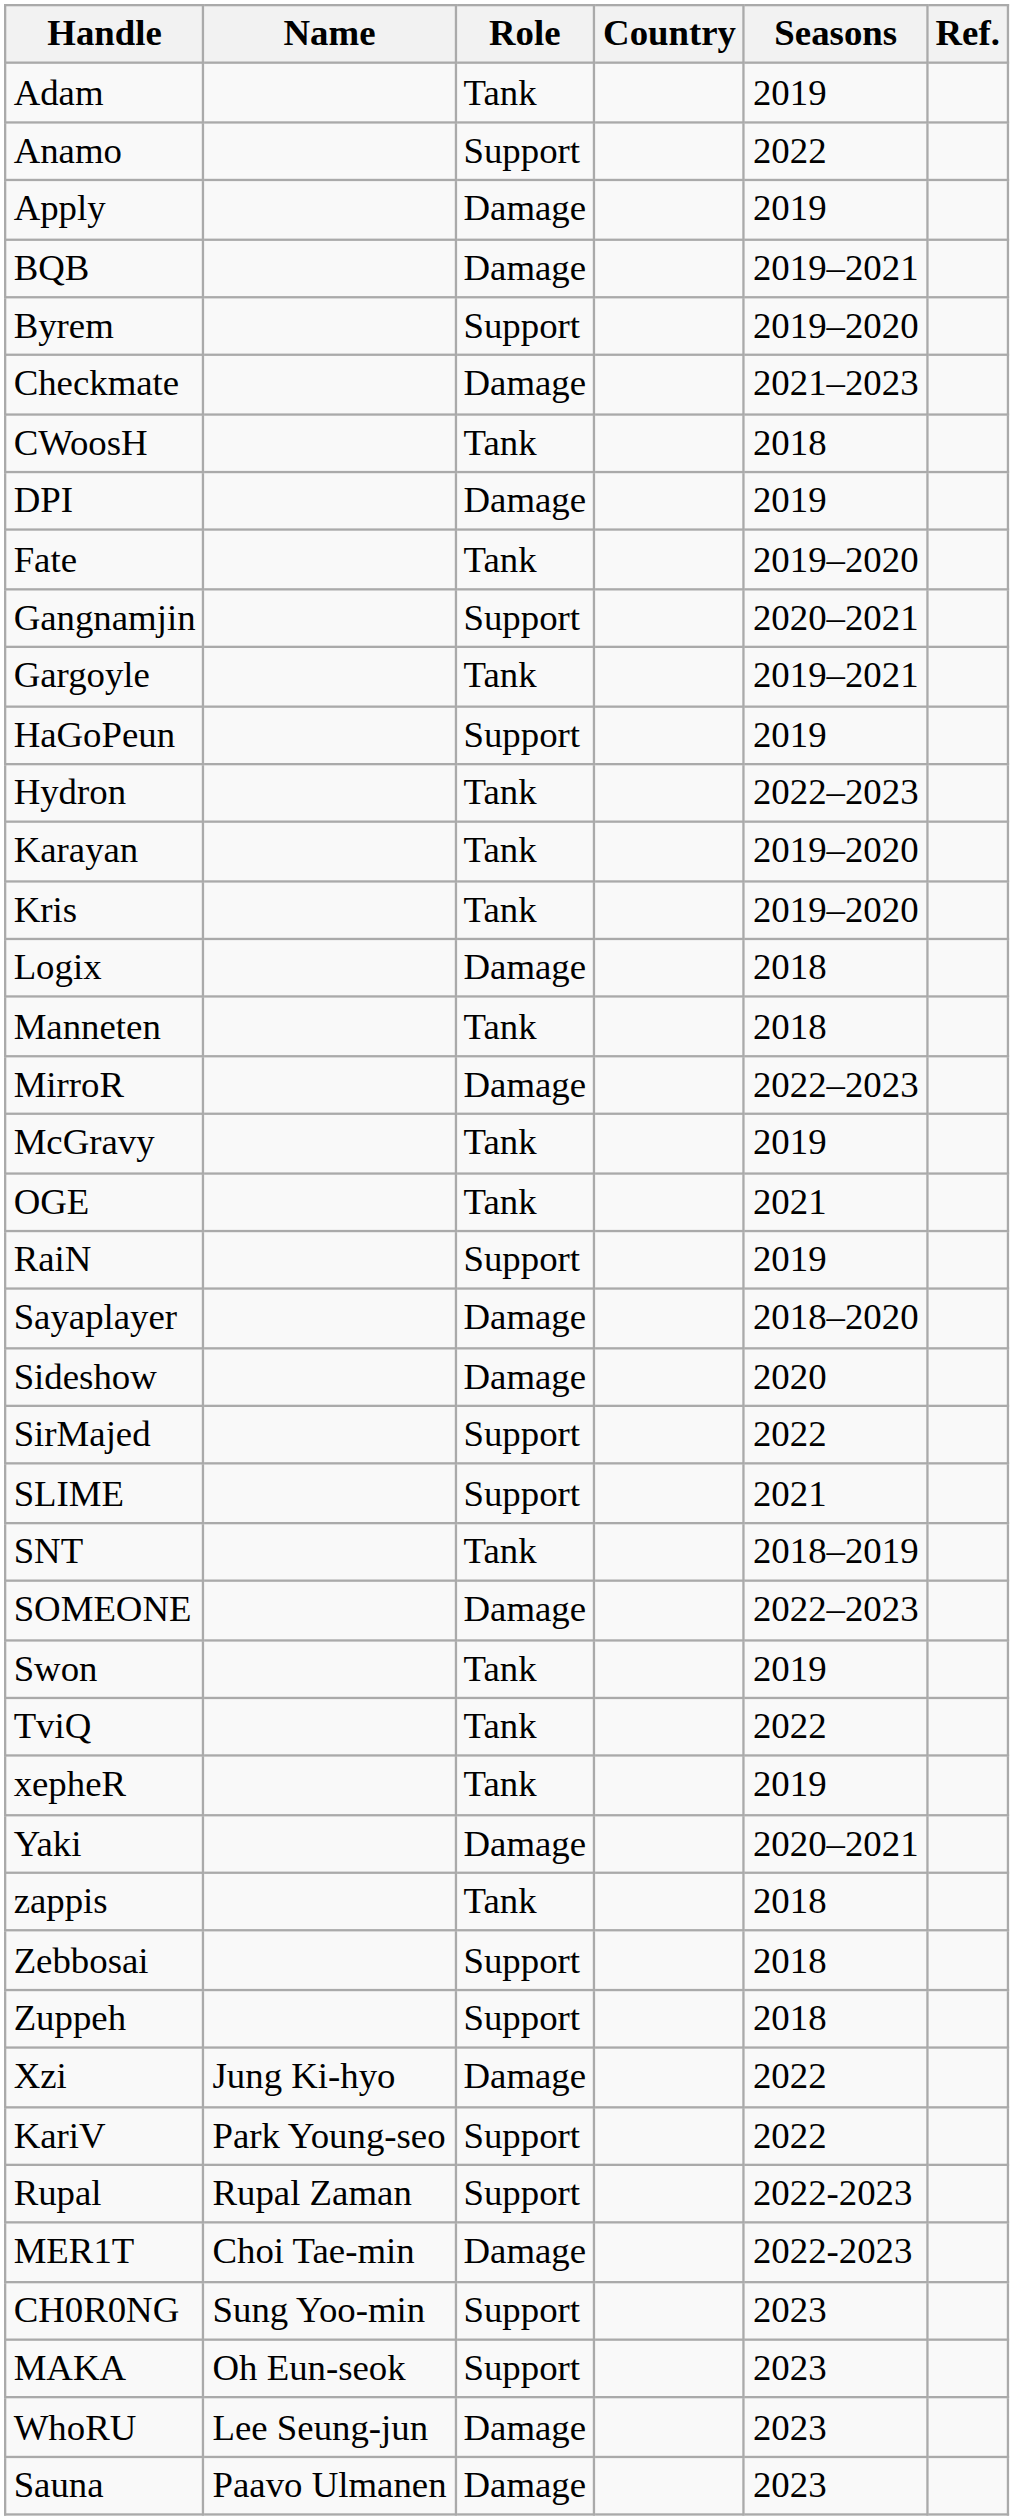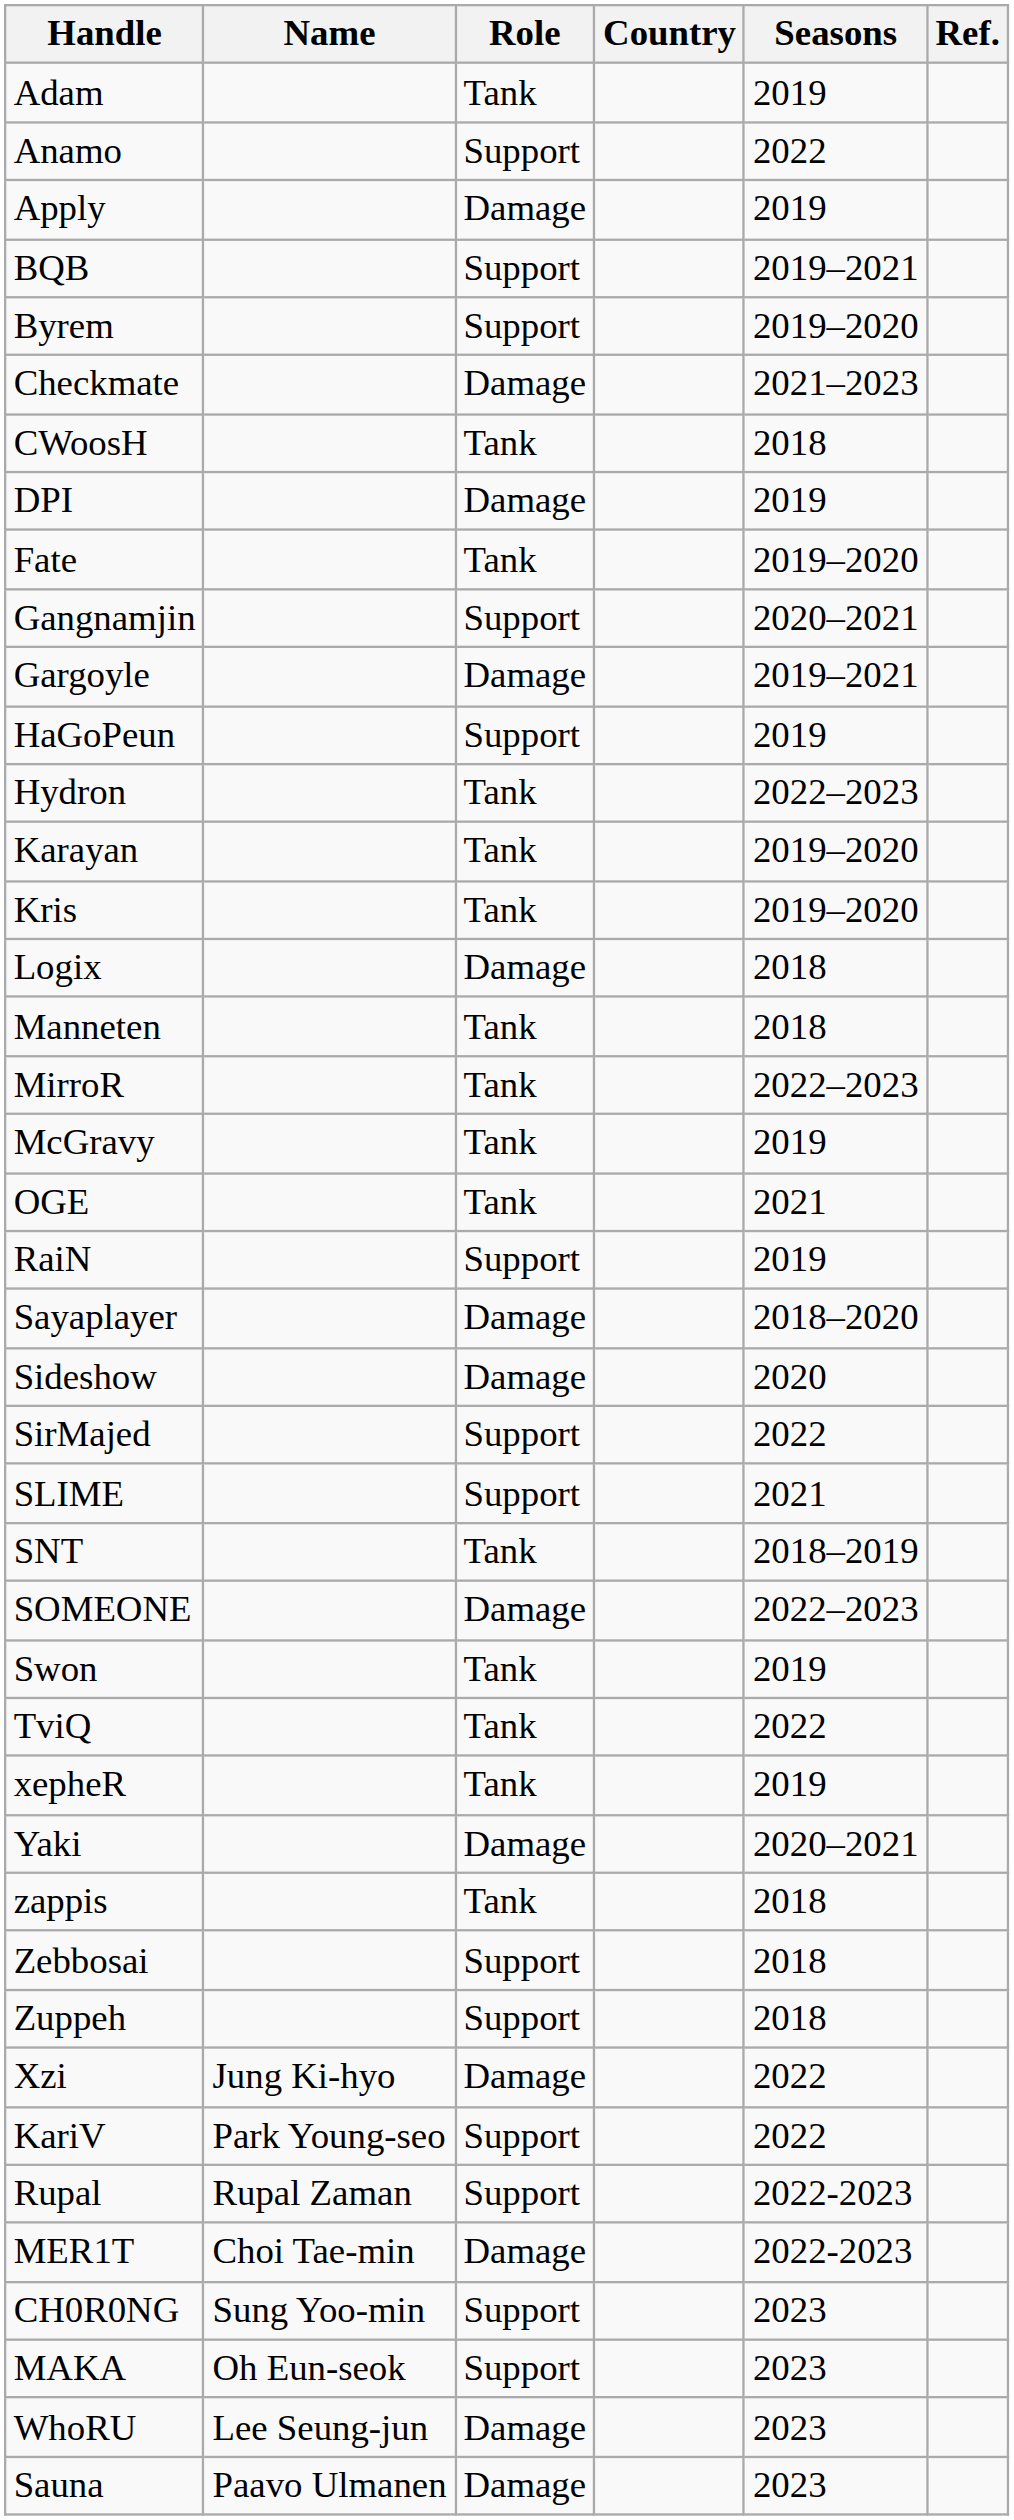 <table class="wikitable sortable" style="text-align:left;">
 <tr>
 <th style="background-color:#">Handle</th>
 <th style="background-color:#">Name</th>
 <th style="background-color:#">Role</th>
 <th style="background-color:#">Country</th>
 <th style="background-color:#">Seasons</th>
 <th style="background-color:#">Ref.</th>
 </tr>
 <tr>
 <td>Adam</td>
 <td></td>
 <td>Tank</td>
 <td></td>
 <td>2019</td>
 <td></td>
 </tr>
 <tr>
 <td>Anamo</td>
 <td></td>
 <td>Support</td>
 <td></td>
 <td>2022</td>
 <td></td>
 </tr>
 <tr>
 <td>Apply</td>
 <td></td>
 <td>Damage</td>
 <td></td>
 <td>2019</td>
 <td></td>
 </tr>
 <tr>
 <td>BQB</td>
 <td></td>
-<td>Damage</td>
+<td>Support</td>
 <td></td>
 <td>2019–2021</td>
 <td></td>
 </tr>
 <tr>
 <td>Byrem</td>
 <td></td>
 <td>Support</td>
 <td></td>
 <td>2019–2020</td>
 <td></td>
 </tr>
 <tr>
 <td>Checkmate</td>
 <td></td>
 <td>Damage</td>
 <td></td>
 <td>2021–2023</td>
 <td></td>
 </tr>
 <tr>
 <td>CWoosH</td>
 <td></td>
 <td>Tank</td>
 <td></td>
 <td>2018</td>
 <td></td>
 </tr>
 <tr>
 <td>DPI</td>
 <td></td>
 <td>Damage</td>
 <td></td>
 <td>2019</td>
 <td></td>
 </tr>
 <tr>
 <td>Fate</td>
 <td></td>
 <td>Tank</td>
 <td></td>
 <td>2019–2020</td>
 <td></td>
 </tr>
 <tr>
 <td>Gangnamjin</td>
 <td></td>
 <td>Support</td>
 <td></td>
 <td>2020–2021</td>
 <td></td>
 </tr>
 <tr>
 <td>Gargoyle</td>
 <td></td>
-<td>Tank</td>
+<td>Damage</td>
 <td></td>
 <td>2019–2021</td>
 <td></td>
 </tr>
 <tr>
 <td>HaGoPeun</td>
 <td></td>
 <td>Support</td>
 <td></td>
 <td>2019</td>
 <td></td>
 </tr>
 <tr>
 <td>Hydron</td>
 <td></td>
 <td>Tank</td>
 <td></td>
 <td>2022–2023</td>
 <td></td>
 </tr>
 <tr>
 <td>Karayan</td>
 <td></td>
 <td>Tank</td>
 <td></td>
 <td>2019–2020</td>
 <td></td>
 </tr>
 <tr>
 <td>Kris</td>
 <td></td>
 <td>Tank</td>
 <td></td>
 <td>2019–2020</td>
 <td></td>
 </tr>
 <tr>
 <td>Logix</td>
 <td></td>
 <td>Damage</td>
 <td></td>
 <td>2018</td>
 <td></td>
 </tr>
 <tr>
 <td>Manneten</td>
 <td></td>
 <td>Tank</td>
 <td></td>
 <td>2018</td>
 <td></td>
 </tr>
 <tr>
 <td>MirroR</td>
 <td></td>
-<td>Damage</td>
+<td>Tank</td>
 <td></td>
 <td>2022–2023</td>
 <td></td>
 </tr>
 <tr>
 <td>McGravy</td>
 <td></td>
 <td>Tank</td>
 <td></td>
 <td>2019</td>
 <td></td>
 </tr>
 <tr>
 <td>OGE</td>
 <td></td>
 <td>Tank</td>
 <td></td>
 <td>2021</td>
 <td></td>
 </tr>
 <tr>
 <td>RaiN</td>
 <td></td>
 <td>Support</td>
 <td></td>
 <td>2019</td>
 <td></td>
 </tr>
 <tr>
 <td>Sayaplayer</td>
 <td></td>
 <td>Damage</td>
 <td></td>
 <td>2018–2020</td>
 <td></td>
 </tr>
 <tr>
 <td>Sideshow</td>
 <td></td>
 <td>Damage</td>
 <td></td>
 <td>2020</td>
 <td></td>
 </tr>
 <tr>
 <td>SirMajed</td>
 <td></td>
 <td>Support</td>
 <td></td>
 <td>2022</td>
 <td></td>
 </tr>
 <tr>
 <td>SLIME</td>
 <td></td>
 <td>Support</td>
 <td></td>
 <td>2021</td>
 <td></td>
 </tr>
 <tr>
 <td>SNT</td>
 <td></td>
 <td>Tank</td>
 <td></td>
 <td>2018–2019</td>
 <td></td>
 </tr>
 <tr>
 <td>SOMEONE</td>
 <td></td>
 <td>Damage</td>
 <td></td>
 <td>2022–2023</td>
 <td></td>
 </tr>
 <tr>
 <td>Swon</td>
 <td></td>
 <td>Tank</td>
 <td></td>
 <td>2019</td>
 <td></td>
 </tr>
 <tr>
 <td>TviQ</td>
 <td></td>
 <td>Tank</td>
 <td></td>
 <td>2022</td>
 <td></td>
 </tr>
 <tr>
 <td>xepheR</td>
 <td></td>
 <td>Tank</td>
 <td></td>
 <td>2019</td>
 <td></td>
 </tr>
 <tr>
 <td>Yaki</td>
 <td></td>
 <td>Damage</td>
 <td></td>
 <td>2020–2021</td>
 <td></td>
 </tr>
 <tr>
 <td>zappis</td>
 <td></td>
 <td>Tank</td>
 <td></td>
 <td>2018</td>
 <td></td>
 </tr>
 <tr>
 <td>Zebbosai</td>
 <td></td>
 <td>Support</td>
 <td></td>
 <td>2018</td>
 <td></td>
 </tr>
 <tr>
 <td>Zuppeh</td>
 <td></td>
 <td>Support</td>
 <td></td>
 <td>2018</td>
 <td></td>
 </tr>
 <tr>
 <td>Xzi</td>
 <td>Jung Ki-hyo</td>
 <td>Damage</td>
 <td></td>
 <td>2022</td>
 <td></td>
 </tr>
 <tr>
 <td>KariV</td>
 <td>Park Young-seo</td>
 <td>Support</td>
 <td></td>
 <td>2022</td>
 <td></td>
 </tr>
 <tr>
 <td>Rupal</td>
 <td>Rupal Zaman</td>
 <td>Support</td>
 <td></td>
 <td>2022-2023</td>
 <td></td>
 </tr>
 <tr>
 <td>MER1T</td>
 <td>Choi Tae-min</td>
 <td>Damage</td>
 <td></td>
 <td>2022-2023</td>
 <td></td>
 </tr>
 <tr>
 <td>CH0R0NG</td>
 <td>Sung Yoo-min</td>
 <td>Support</td>
 <td></td>
 <td>2023</td>
 <td></td>
 </tr>
 <tr>
 <td>MAKA</td>
 <td>Oh Eun-seok</td>
 <td>Support</td>
 <td></td>
 <td>2023</td>
 <td></td>
 </tr>
 <tr>
 <td>WhoRU</td>
 <td>Lee Seung-jun</td>
 <td>Damage</td>
 <td></td>
 <td>2023</td>
 <td></td>
 </tr>
 <tr>
 <td>Sauna</td>
 <td>Paavo Ulmanen</td>
 <td>Damage</td>
 <td></td>
 <td>2023</td>
 <td></td>
 </tr>
 </table>
